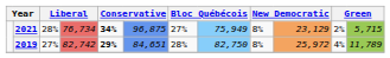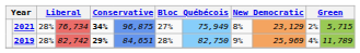 <table class="wikitable" style="float:right; width:400; font-size:90%; margin-left:1em;">
 <tr>
 <th colspan="2" scope="col">Year</th>
 <th colspan="2" scope="col"><a href='#'>Liberal</a></th>
 <th colspan="2" scope="col"><a href='#'>Conservative</a></th>
 <th colspan="2" scope="col"><a href='#'>Bloc Québécois</a></th>
 <th colspan="2" scope="col"><a href='#'>New Democratic</a></th>
 <th colspan="2" scope="col"><a href='#'>Green</a></th>
 </tr>
 <tr>
 <td rowspan="2" style="width: 0.25em; background-color: "></td>
 <th><a href='#'>2021</a></th>
 <td>28%</td>
 <td style="text-align:right; background:#EA6D6A;"><em>76,734</em></td>
 <td><strong>34%</strong></td>
 <td style="text-align:right; background:#6495ED;"><em>96,875</em></td>
 <td>27%</td>
 <td style="text-align:right; background:#87CEFA;"><em>75,949</em></td>
 <td>8%</td>
 <td style="text-align:right; background:#F4A460;"><em>23,129</em></td>
 <td>2%</td>
 <td style="text-align:right; background:#99C955;"><em>5,715</em></td>
 </tr>
 <tr>
 <th><a href='#'>2019</a></th>
-<td>27%</td>
+<td>28%</td>
 <td style="text-align:right; background:#EA6D6A;"><em>82,742</em></td>
 <td><strong>29%</strong></td>
 <td style="text-align:right; background:#6495ED;"><em>84,651</em></td>
 <td>28%</td>
 <td style="text-align:right; background:#87CEFA;"><em>82,750</em></td>
-<td>8%</td>
-<td style="text-align:right; background:#F4A460;"><em>25,972</em></td>
+<td>9%</td>
+<td style="text-align:right; background:#F4A460;"><em>25,969</em></td>
 <td>4%</td>
 <td style="text-align:right; background:#99C955;"><em>11,789</em></td>
 </tr>
 <tr>
 </tr>
 </table>
